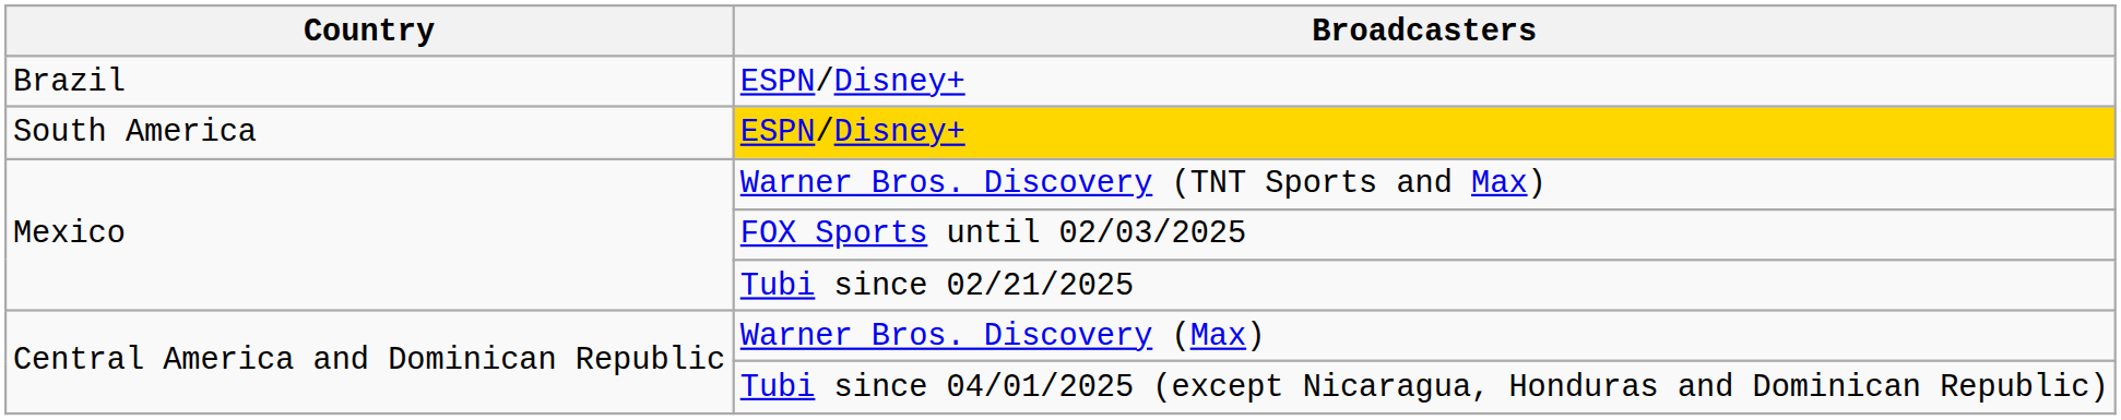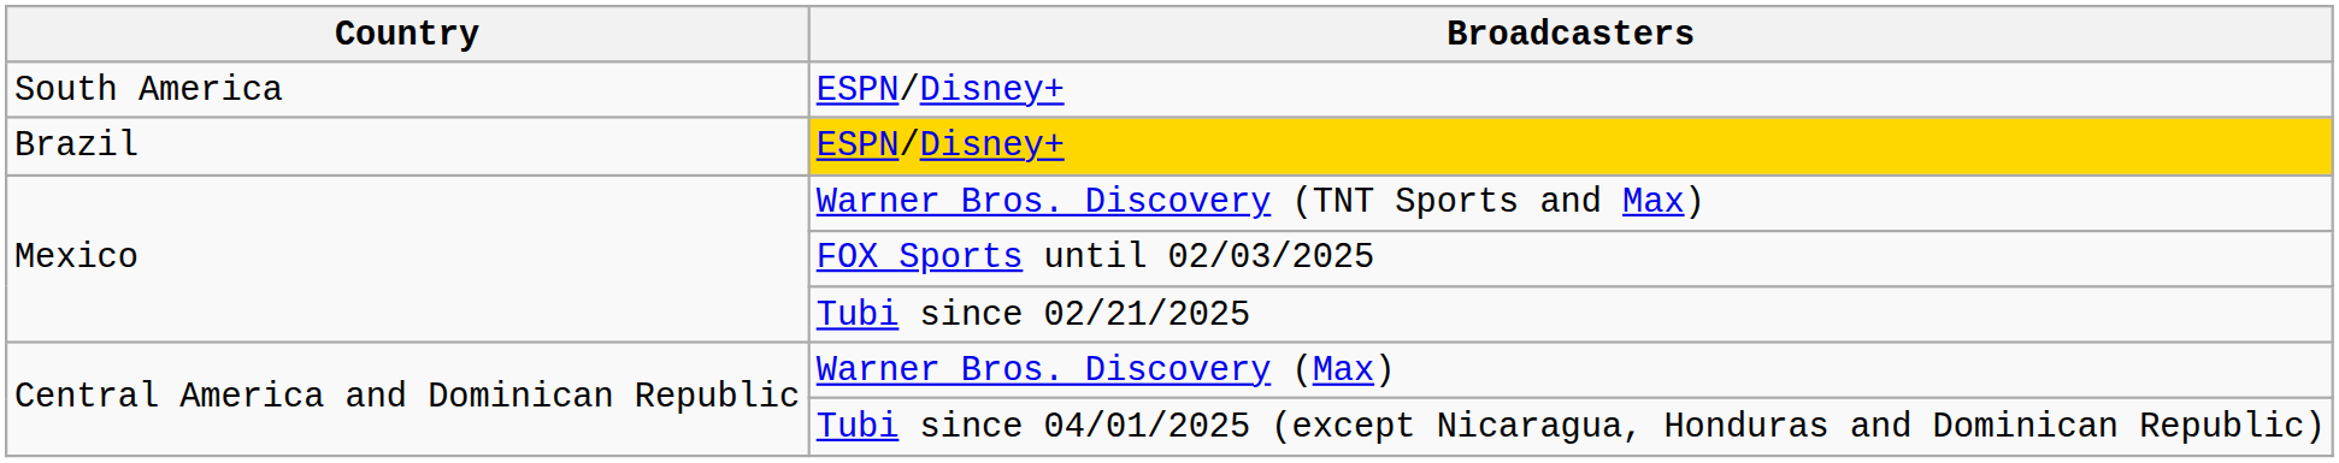 <table class="wikitable sortable">
 <tr>
 <th>Country</th>
 <th>Broadcasters</th>
 </tr>
 <tr>
-<td>Brazil</td>
+<td>South America</td>
 <td><a href='#'>ESPN</a>/<a href='#'>Disney+</a></td>
 </tr>
 <tr>
-<td>South America</td>
+<td>Brazil</td>
 <td style="background: gold;"><a href='#'>ESPN</a>/<a href='#'>Disney+</a></td>
 </tr>
 <tr>
 <td rowspan="3">Mexico</td>
 <td><a href='#'>Warner Bros. Discovery</a> (TNT Sports and <a href='#'>Max</a>)</td>
 </tr>
 <tr>
 <td><a href='#'>FOX Sports</a> until 02/03/2025</td>
 </tr>
 <tr>
 <td><a href='#'>Tubi</a> since 02/21/2025</td>
 </tr>
 <tr>
 <td rowspan="2">Central America and Dominican Republic</td>
 <td><a href='#'>Warner Bros. Discovery</a> (<a href='#'>Max</a>)</td>
 </tr>
 <tr>
 <td><a href='#'>Tubi</a> since 04/01/2025 (except Nicaragua, Honduras and Dominican Republic)</td>
 </tr>
 </table>
